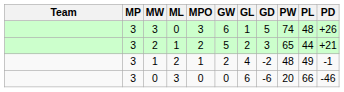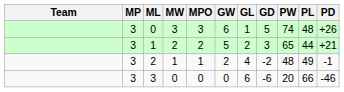 <table class=wikitable style="text-align:center">
 <tr>
 <th width=175>Team</th>
 <th width=20>MP</th>
+<th width=20>ML</th>
 <th width=20>MW</th>
-<th width=20>ML</th>
 <th width=20>MPO</th>
 <th width=20>GW</th>
 <th width=20>GL</th>
 <th width=20>GD</th>
 <th width=20>PW</th>
 <th width=20>PL</th>
 <th width=20>PD</th>
 </tr>
 <tr bgcolor="#ccffcc">
 <td align=left><strong><br></strong></td>
 <td>3</td>
+<td>0</td>
 <td>3</td>
-<td>0</td>
 <td>3</td>
 <td>6</td>
 <td>1</td>
 <td>5</td>
 <td>74</td>
 <td>48</td>
 <td>+26</td>
 </tr>
 <tr bgcolor="#ccffcc">
 <td align=left><strong><br></strong></td>
 <td>3</td>
+<td>1</td>
 <td>2</td>
-<td>1</td>
 <td>2</td>
 <td>5</td>
 <td>2</td>
 <td>3</td>
 <td>65</td>
 <td>44</td>
 <td>+21</td>
 </tr>
 <tr>
 <td align=left><br></td>
 <td>3</td>
+<td>2</td>
 <td>1</td>
-<td>2</td>
 <td>1</td>
 <td>2</td>
 <td>4</td>
 <td>-2</td>
 <td>48</td>
 <td>49</td>
 <td>-1</td>
 </tr>
 <tr>
 <td align=left><br></td>
 <td>3</td>
+<td>3</td>
 <td>0</td>
-<td>3</td>
 <td>0</td>
 <td>0</td>
 <td>6</td>
 <td>-6</td>
 <td>20</td>
 <td>66</td>
 <td>-46</td>
 </tr>
 </table>
